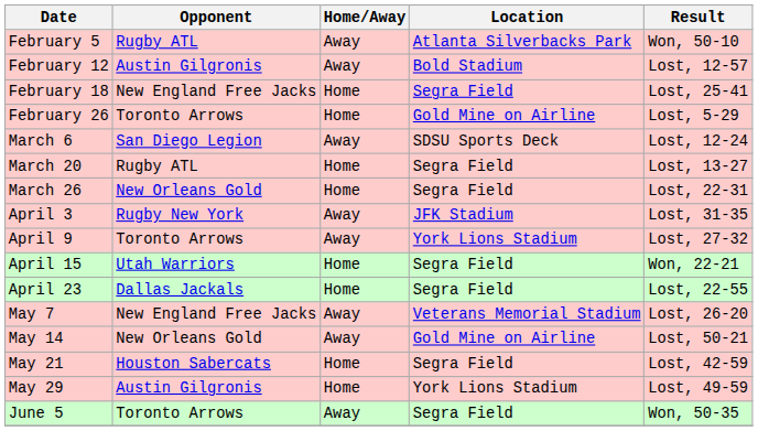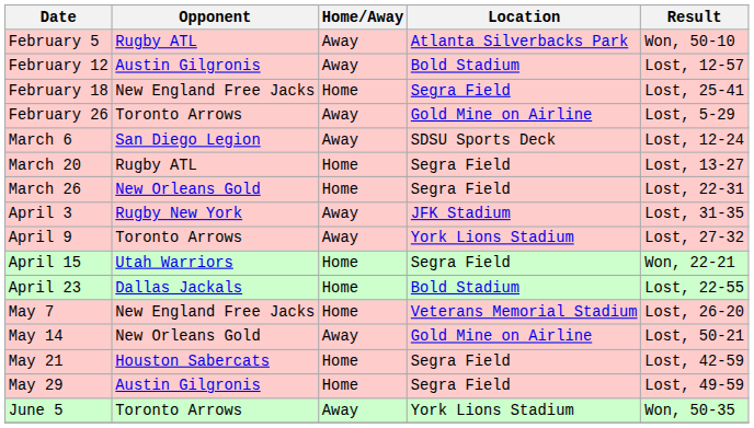 <table class="wikitable">
 <tr>
 <th>Date</th>
 <th>Opponent</th>
 <th>Home/Away</th>
 <th>Location</th>
 <th>Result</th>
 </tr>
 <tr bgcolor="#FFCCCC">
 <td>February 5</td>
 <td><a href='#'>Rugby ATL</a></td>
 <td>Away</td>
 <td><a href='#'>Atlanta Silverbacks Park</a></td>
 <td>Won, 50-10</td>
 </tr>
 <tr bgcolor="#FFCCCC">
 <td>February 12</td>
 <td><a href='#'>Austin Gilgronis</a></td>
 <td>Away</td>
 <td><a href='#'>Bold Stadium</a></td>
 <td>Lost, 12-57</td>
 </tr>
 <tr bgcolor="#FFCCCC">
 <td>February 18</td>
 <td>New England Free Jacks</td>
 <td>Home</td>
 <td><a href='#'>Segra Field</a></td>
 <td>Lost, 25-41</td>
 </tr>
 <tr bgcolor="#FFCCCC">
 <td>February 26</td>
 <td>Toronto Arrows</td>
-<td>Home</td>
+<td>Away</td>
 <td><a href='#'>Gold Mine on Airline</a></td>
 <td>Lost, 5-29</td>
 </tr>
 <tr bgcolor="#FFCCCC">
 <td>March 6</td>
 <td><a href='#'>San Diego Legion</a></td>
 <td>Away</td>
 <td>SDSU Sports Deck</td>
 <td>Lost, 12-24</td>
 </tr>
 <tr bgcolor="#FFCCCC">
 <td>March 20</td>
 <td>Rugby ATL</td>
 <td>Home</td>
 <td>Segra Field</td>
 <td>Lost, 13-27</td>
 </tr>
 <tr bgcolor="#FFCCCC">
 <td>March 26</td>
 <td><a href='#'>New Orleans Gold</a></td>
 <td>Home</td>
 <td>Segra Field</td>
 <td>Lost, 22-31</td>
 </tr>
 <tr bgcolor="#FFCCCC">
 <td>April 3</td>
 <td><a href='#'>Rugby New York</a></td>
 <td>Away</td>
 <td><a href='#'>JFK Stadium</a></td>
 <td>Lost, 31-35</td>
 </tr>
 <tr bgcolor="#FFCCCC">
 <td>April 9</td>
 <td>Toronto Arrows</td>
 <td>Away</td>
 <td><a href='#'>York Lions Stadium</a></td>
 <td>Lost, 27-32</td>
 </tr>
 <tr bgcolor="CCFFCC">
 <td>April 15</td>
 <td><a href='#'>Utah Warriors</a></td>
 <td>Home</td>
 <td>Segra Field</td>
 <td>Won, 22-21</td>
 </tr>
 <tr bgcolor="CCFFCC">
 <td>April 23</td>
 <td><a href='#'>Dallas Jackals</a></td>
 <td>Home</td>
-<td>Segra Field</td>
+<td><a href='#'>Bold Stadium</a></td>
 <td>Lost, 22-55</td>
 </tr>
 <tr bgcolor="#FFCCCC">
 <td>May 7</td>
 <td>New England Free Jacks</td>
-<td>Away</td>
+<td>Home</td>
 <td><a href='#'>Veterans Memorial Stadium</a></td>
 <td>Lost, 26-20</td>
 </tr>
 <tr bgcolor="#FFCCCC">
 <td>May 14</td>
 <td>New Orleans Gold</td>
 <td>Away</td>
 <td><a href='#'>Gold Mine on Airline</a></td>
 <td>Lost, 50-21</td>
 </tr>
 <tr bgcolor="#FFCCCC">
 <td>May 21</td>
 <td><a href='#'>Houston Sabercats</a></td>
 <td>Home</td>
 <td>Segra Field</td>
 <td>Lost, 42-59</td>
 </tr>
 <tr bgcolor="#FFCCCC">
 <td>May 29</td>
 <td><a href='#'>Austin Gilgronis</a></td>
 <td>Home</td>
-<td>York Lions Stadium</td>
+<td>Segra Field</td>
 <td>Lost, 49-59</td>
 </tr>
 <tr bgcolor="CCFFCC">
 <td>June 5</td>
 <td>Toronto Arrows</td>
 <td>Away</td>
-<td>Segra Field</td>
+<td>York Lions Stadium</td>
 <td>Won, 50-35</td>
 </tr>
 <tr>
 </tr>
 </table>
